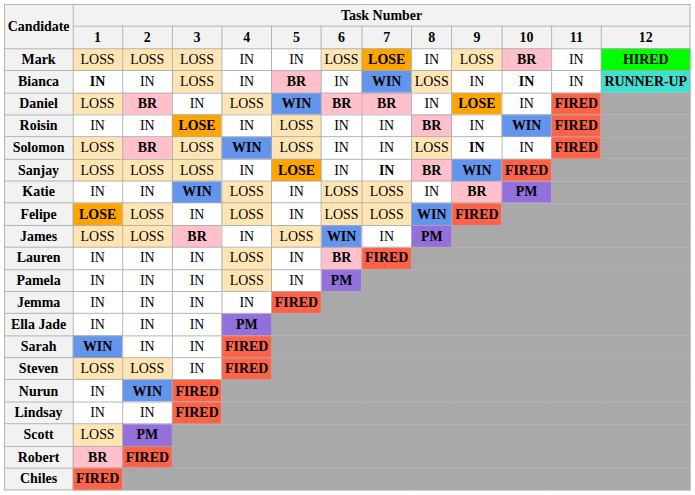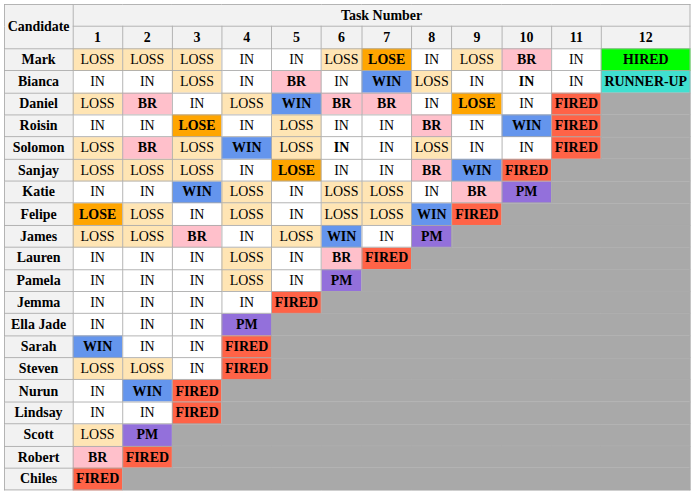 <table class="wikitable" style="text-align:center">
 <tr>
 <th rowspan="2">Candidate</th>
 <th colspan="13">Task Number</th>
 </tr>
 <tr>
 <th>1</th>
 <th>2</th>
 <th>3</th>
 <th>4</th>
 <th>5</th>
 <th>6</th>
 <th>7</th>
 <th>8</th>
 <th>9</th>
 <th>10</th>
 <th>11</th>
 <th>12</th>
 </tr>
 <tr>
 <th>Mark</th>
 <td style="background:#FFE5B4;">LOSS</td>
 <td style="background:#FFE5B4;">LOSS</td>
 <td style="background:#FFE5B4;">LOSS</td>
 <td style="background:white;">IN</td>
 <td style="background:white;">IN</td>
 <td style="background:#FFE5B4;">LOSS</td>
 <td style="background:orange;"><strong>LOSE</strong></td>
 <td style="background:white;">IN</td>
 <td style="background:#FFE5B4;">LOSS</td>
 <td style="background:pink;"><strong>BR</strong></td>
 <td style="background:white;">IN</td>
 <td style="background:lime;"><strong>HIRED</strong></td>
 </tr>
 <tr>
 <th>Bianca</th>
-<td style="background:white;"><strong>IN</strong></td>
+<td style="background:white;">IN</td>
 <td style="background:white;">IN</td>
 <td style="background:#FFE5B4;">LOSS</td>
 <td style="background:white;">IN</td>
 <td style="background:pink;"><strong>BR</strong></td>
 <td style="background:white;">IN</td>
 <td style="background:cornflowerblue;"><strong>WIN</strong></td>
 <td style="background:#FFE5B4;">LOSS</td>
 <td style="background:white;">IN</td>
 <td style="background:white;"><strong>IN</strong></td>
 <td style="background:white;">IN</td>
 <td style="background:turquoise;"><strong>RUNNER-UP</strong></td>
 </tr>
 <tr>
 <th>Daniel</th>
 <td style="background:#FFE5B4;">LOSS</td>
 <td style="background:pink;"><strong>BR</strong></td>
 <td style="background:white;">IN</td>
 <td style="background:#FFE5B4;">LOSS</td>
 <td style="background:cornflowerblue;"><strong>WIN</strong></td>
 <td style="background:pink;"><strong>BR</strong></td>
 <td style="background:pink;"><strong>BR</strong></td>
 <td style="background:white;">IN</td>
 <td style="background:orange;"><strong>LOSE</strong></td>
 <td style="background:white;">IN</td>
 <td style="background:tomato;"><strong>FIRED</strong></td>
 <td colspan="1" style="background:darkgrey;"></td>
 </tr>
 <tr>
 <th>Roisin</th>
 <td style="background:white;">IN</td>
 <td style="background:white;">IN</td>
 <td style="background:orange;"><strong>LOSE</strong></td>
 <td style="background:white;">IN</td>
 <td style="background:#FFE5B4;">LOSS</td>
 <td style="background:white;">IN</td>
 <td style="background:white;">IN</td>
 <td style="background:pink;"><strong>BR</strong></td>
 <td style="background:white;">IN</td>
 <td style="background:cornflowerblue;"><strong>WIN</strong></td>
 <td style="background:tomato;"><strong>FIRED</strong></td>
 <td colspan="1" style="background:darkgrey;"></td>
 </tr>
 <tr>
 <th>Solomon</th>
 <td style="background:#FFE5B4;">LOSS</td>
 <td style="background:pink;"><strong>BR</strong></td>
 <td style="background:#FFE5B4;">LOSS</td>
 <td style="background:cornflowerblue;"><strong>WIN</strong></td>
 <td style="background:#FFE5B4;">LOSS</td>
-<td style="background:white;">IN</td>
+<td style="background:white;"><strong>IN</strong></td>
 <td style="background:white;">IN</td>
 <td style="background:#FFE5B4;">LOSS</td>
-<td style="background:white;"><strong>IN</strong></td>
+<td style="background:white;">IN</td>
 <td style="background:white;">IN</td>
 <td style="background:tomato;"><strong>FIRED</strong></td>
 <td colspan="1" style="background:darkgrey;"></td>
 </tr>
 <tr>
 <th>Sanjay</th>
 <td style="background:#FFE5B4;">LOSS</td>
 <td style="background:#FFE5B4;">LOSS</td>
 <td style="background:#FFE5B4;">LOSS</td>
 <td style="background:white;">IN</td>
 <td style="background:orange;"><strong>LOSE</strong></td>
 <td style="background:white;">IN</td>
-<td style="background:white;"><strong>IN</strong></td>
+<td style="background:white;">IN</td>
 <td style="background:pink;"><strong>BR</strong></td>
 <td style="background:cornflowerblue;"><strong>WIN</strong></td>
 <td style="background:tomato;"><strong>FIRED</strong></td>
 <td colspan="2" style="background:darkgrey;"></td>
 </tr>
 <tr>
 <th>Katie</th>
 <td style="background:white;">IN</td>
 <td style="background:white;">IN</td>
 <td style="background:cornflowerblue;"><strong>WIN</strong></td>
 <td style="background:#FFE5B4;">LOSS</td>
 <td style="background:white;">IN</td>
 <td style="background:#FFE5B4;">LOSS</td>
 <td style="background:#FFE5B4;">LOSS</td>
 <td style="background:white;">IN</td>
 <td style="background:pink;"><strong>BR</strong></td>
 <td style="background:#9370DB;"><strong>PM</strong></td>
 <td colspan="2" style="background:darkgrey;"></td>
 </tr>
 <tr>
 <th>Felipe</th>
 <td style="background:orange;"><strong>LOSE</strong></td>
 <td style="background:#FFE5B4;">LOSS</td>
 <td style="background:white;">IN</td>
 <td style="background:#ffe5b4;">LOSS</td>
 <td style="background:white;">IN</td>
 <td style="background:#FFE5B4;">LOSS</td>
 <td style="background:#FFE5B4;">LOSS</td>
 <td style="background:cornflowerblue;"><strong>WIN</strong></td>
 <td style="background:tomato;"><strong>FIRED</strong></td>
 <td colspan="3" style="background:darkgrey;"></td>
 </tr>
 <tr>
 <th>James</th>
 <td style="background:#FFE5B4;">LOSS</td>
 <td style="background:#FFE5B4;">LOSS</td>
 <td style="background:pink;"><strong>BR</strong></td>
 <td style="background:white;">IN</td>
 <td style="background:#FFE5B4;">LOSS</td>
 <td style="background:cornflowerblue;"><strong>WIN</strong></td>
 <td style="background:white;">IN</td>
 <td style="background:#9370DB;"><strong>PM</strong></td>
 <td colspan="4" style="background:darkgrey;"></td>
 </tr>
 <tr>
 <th>Lauren</th>
 <td style="background:white;">IN</td>
 <td style="background:white;">IN</td>
 <td style="background:white;">IN</td>
 <td style="background:#FFE5B4;">LOSS</td>
 <td style="background:white;">IN</td>
 <td style="background:pink;"><strong>BR</strong></td>
 <td style="background:tomato;"><strong>FIRED</strong></td>
 <td colspan="5" style="background:darkgrey;"></td>
 </tr>
 <tr>
 <th>Pamela</th>
 <td style="background:white;">IN</td>
 <td style="background:white;">IN</td>
 <td style="background:white;">IN</td>
 <td style="background:#FFE5B4;">LOSS</td>
 <td style="background:white;">IN</td>
 <td style="background:#9370DB;"><strong>PM</strong></td>
 <td colspan="6" style="background:darkgrey;"></td>
 </tr>
 <tr>
 <th>Jemma</th>
 <td style="background:white;">IN</td>
 <td style="background:white;">IN</td>
 <td style="background:white;">IN</td>
 <td style="background:white;">IN</td>
 <td style="background:tomato;"><strong>FIRED</strong></td>
 <td colspan="7" style="background:darkgrey;"></td>
 </tr>
 <tr>
 <th>Ella Jade</th>
 <td style="background:white;">IN</td>
 <td style="background:white;">IN</td>
 <td style="background:white;">IN</td>
 <td style="background:#9370DB;"><strong>PM</strong></td>
 <td colspan="8" style="background:darkgrey;"></td>
 </tr>
 <tr>
 <th>Sarah</th>
 <td style="background:cornflowerblue;"><strong>WIN</strong></td>
 <td style="background:white;">IN</td>
 <td style="background:white;">IN</td>
 <td style="background:tomato;"><strong>FIRED</strong></td>
 <td colspan="8" style="background:darkgrey;"></td>
 </tr>
 <tr>
 <th>Steven</th>
 <td style="background:#FFE5B4;">LOSS</td>
 <td style="background:#FFE5B4;">LOSS</td>
 <td style="background:white;">IN</td>
 <td style="background:tomato;"><strong>FIRED</strong></td>
 <td colspan="8" style="background:darkgrey;"></td>
 </tr>
 <tr>
 <th>Nurun</th>
 <td style="background:white;">IN</td>
 <td style="background:cornflowerblue;"><strong>WIN</strong></td>
 <td style="background:tomato;"><strong>FIRED</strong></td>
 <td colspan="9" style="background:darkgrey;"></td>
 </tr>
 <tr>
 <th>Lindsay</th>
 <td style="background:white;">IN</td>
 <td style="background:white;">IN</td>
 <td style="background:tomato;"><strong>FIRED</strong></td>
 <td colspan="9" style="background:darkgrey;"></td>
 </tr>
 <tr>
 <th>Scott</th>
 <td style="background:#FFE5B4;">LOSS</td>
 <td style="background:#9370DB;"><strong>PM</strong></td>
 <td colspan="10" style="background:darkgrey;"></td>
 </tr>
 <tr>
 <th>Robert</th>
 <td style="background:pink;"><strong>BR</strong></td>
 <td style="background:tomato;"><strong>FIRED</strong></td>
 <td colspan="10" style="background:darkgrey;"></td>
 </tr>
 <tr>
 <th>Chiles</th>
 <td style="background:tomato;"><strong>FIRED</strong></td>
 <td colspan="11" style="background:darkgrey;"></td>
 </tr>
 </table>
